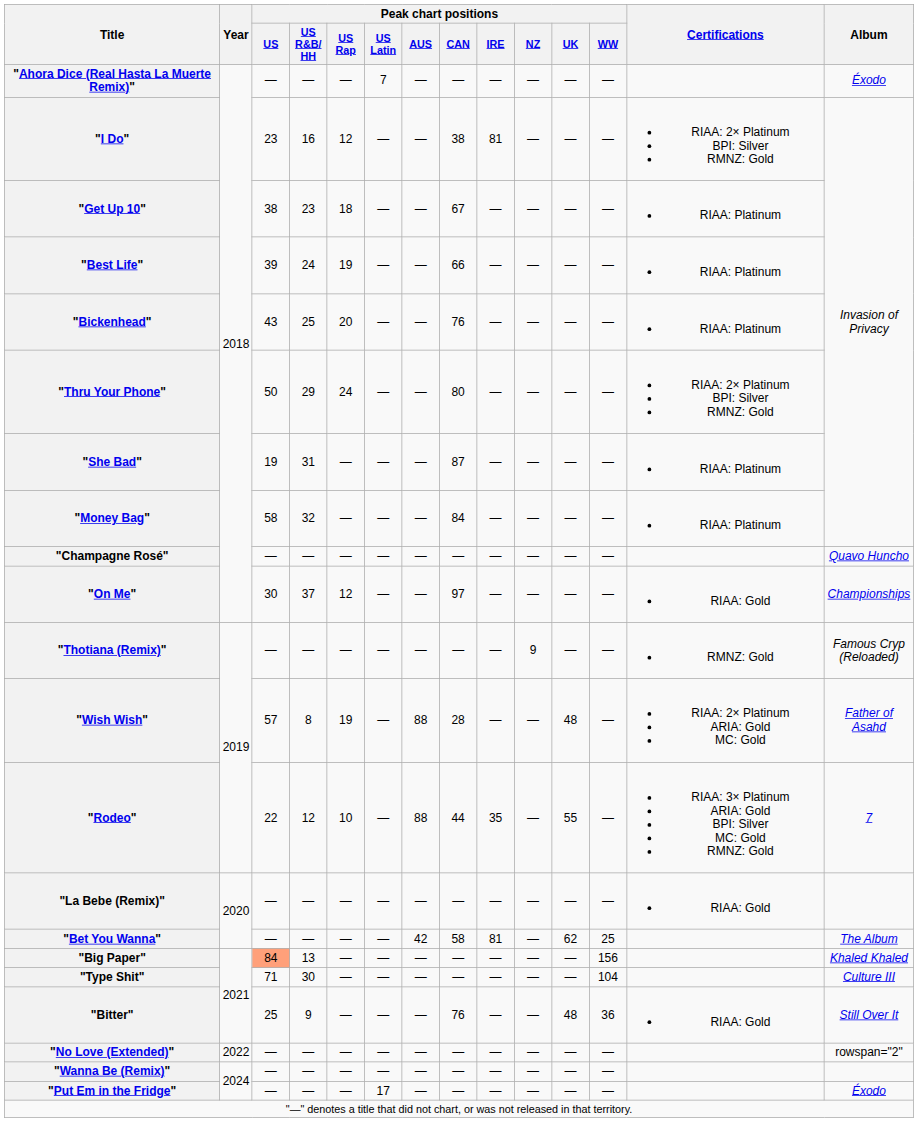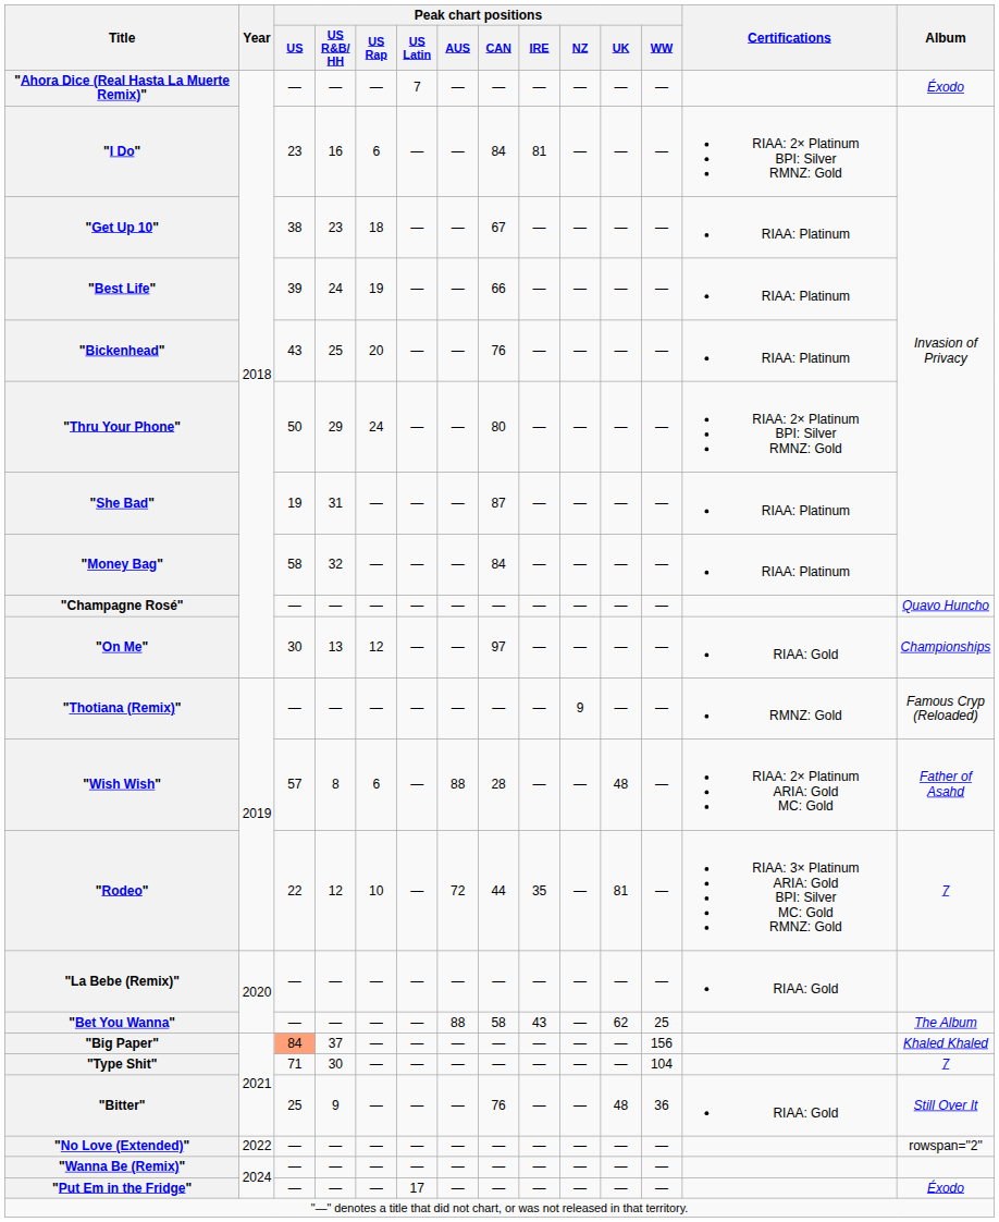 <table class="wikitable plainrowheaders" style="text-align:center;">
 <tr>
 <th scope="col" rowspan="2" style="width:17.5em;">Title</th>
 <th scope="col" rowspan="2" style="width:1em;">Year</th>
 <th scope="col" colspan="10">Peak chart positions</th>
 <th scope="col" rowspan="2" style="width:16em;"><a href='#'>Certifications</a></th>
 <th scope="col" rowspan="2" style="width:7em;">Album</th>
 </tr>
 <tr>
 <th scope="col" style="width:3em;font-size:90%;"><a href='#'>US</a><br></th>
 <th scope="col" style="width:3em;font-size:90%;"><a href='#'>US<br>R&B/<br>HH</a><br></th>
 <th scope="col" style="width:3em;font-size:90%;"><a href='#'>US<br>Rap</a><br></th>
 <th scope="col" style="width:3em;font-size:90%;"><a href='#'>US<br>Latin</a><br></th>
 <th scope="col" style="width:3em;font-size:90%;"><a href='#'>AUS</a><br></th>
 <th scope="col" style="width:3em;font-size:90%;"><a href='#'>CAN</a><br></th>
 <th scope="col" style="width:3em;font-size:90%;"><a href='#'>IRE</a><br></th>
 <th scope="col" style="width:3em;font-size:90%;"><a href='#'>NZ</a><br></th>
 <th scope="col" style="width:3em;font-size:90%;"><a href='#'>UK</a><br></th>
 <th scope="col" style="width:3em;font-size:90%;"><a href='#'>WW</a><br></th>
 </tr>
 <tr>
 <th scope="row">"<a href='#'>Ahora Dice (Real Hasta La Muerte Remix)</a>"<br></th>
 <td rowspan="10">2018</td>
 <td>—</td>
 <td>—</td>
 <td>—</td>
 <td>7</td>
 <td>—</td>
 <td>—</td>
 <td>—</td>
 <td>—</td>
 <td>—</td>
 <td>—</td>
 <td></td>
 <td><em><a href='#'>Éxodo</a></em></td>
 </tr>
 <tr>
 <th scope="row">"<a href='#'>I Do</a>"<br></th>
 <td>23</td>
 <td>16</td>
-<td>12</td>
+<td>6</td>
 <td>—</td>
 <td>—</td>
-<td>38</td>
+<td>84</td>
 <td>81</td>
 <td>—</td>
 <td>—</td>
 <td>—</td>
 <td><br><ul><li>RIAA: 2× Platinum</li><li>BPI: Silver</li><li>RMNZ: Gold</li></ul></td>
 <td rowspan="7"><em>Invasion of Privacy</em></td>
 </tr>
 <tr>
 <th scope="row">"<a href='#'>Get Up 10</a>"</th>
 <td>38</td>
 <td>23</td>
 <td>18</td>
 <td>—</td>
 <td>—</td>
 <td>67</td>
 <td>—</td>
 <td>—</td>
 <td>—</td>
 <td>—</td>
 <td><br><ul><li>RIAA: Platinum</li></ul></td>
 </tr>
 <tr>
 <th scope="row">"<a href='#'>Best Life</a>"<br></th>
 <td>39</td>
 <td>24</td>
 <td>19</td>
 <td>—</td>
 <td>—</td>
 <td>66</td>
 <td>—</td>
 <td>—</td>
 <td>—</td>
 <td>—</td>
 <td><br><ul><li>RIAA: Platinum</li></ul></td>
 </tr>
 <tr>
 <th scope="row">"<a href='#'>Bickenhead</a>"</th>
 <td>43</td>
 <td>25</td>
 <td>20</td>
 <td>—</td>
 <td>—</td>
 <td>76</td>
 <td>—</td>
 <td>—</td>
 <td>—</td>
 <td>—</td>
 <td><br><ul><li>RIAA: Platinum</li></ul></td>
 </tr>
 <tr>
 <th scope="row">"<a href='#'>Thru Your Phone</a>"</th>
 <td>50</td>
 <td>29</td>
 <td>24</td>
 <td>—</td>
 <td>—</td>
 <td>80</td>
 <td>—</td>
 <td>—</td>
 <td>—</td>
 <td>—</td>
 <td><br><ul><li>RIAA: 2× Platinum</li><li>BPI: Silver</li><li>RMNZ: Gold</li></ul></td>
 </tr>
 <tr>
 <th scope="row">"<a href='#'>She Bad</a>"<br></th>
 <td>19</td>
 <td>31</td>
 <td>—</td>
 <td>—</td>
 <td>—</td>
 <td>87</td>
 <td>—</td>
 <td>—</td>
 <td>—</td>
 <td>—</td>
 <td><br><ul><li>RIAA: Platinum</li></ul></td>
 </tr>
 <tr>
 <th scope="row">"<a href='#'>Money Bag</a>"</th>
 <td>58</td>
 <td>32</td>
 <td>—</td>
 <td>—</td>
 <td>—</td>
 <td>84</td>
 <td>—</td>
 <td>—</td>
 <td>—</td>
 <td>—</td>
 <td><br><ul><li>RIAA: Platinum</li></ul></td>
 </tr>
 <tr>
 <th scope=row>"Champagne Rosé"<br></th>
 <td>—</td>
 <td>—</td>
 <td>—</td>
 <td>—</td>
 <td>—</td>
 <td>—</td>
 <td>—</td>
 <td>—</td>
 <td>—</td>
 <td>—</td>
 <td></td>
 <td><em><a href='#'>Quavo Huncho</a></em></td>
 </tr>
 <tr>
 <th scope="row">"<a href='#'>On Me</a>"<br></th>
 <td>30</td>
-<td>37</td>
+<td>13</td>
 <td>12</td>
 <td>—</td>
 <td>—</td>
 <td>97</td>
 <td>—</td>
 <td>—</td>
 <td>—</td>
 <td>—</td>
 <td><br><ul><li>RIAA: Gold</li></ul></td>
 <td><em><a href='#'>Championships</a></em></td>
 </tr>
 <tr>
 <th scope="row">"<a href='#'>Thotiana (Remix)</a>"<br></th>
 <td rowspan="3">2019</td>
 <td>—</td>
 <td>—</td>
 <td>—</td>
 <td>—</td>
 <td>—</td>
 <td>—</td>
 <td>—</td>
 <td>9</td>
 <td>—</td>
 <td>—</td>
 <td><br><ul><li>RMNZ: Gold</li></ul></td>
 <td><em>Famous Cryp (Reloaded)</em></td>
 </tr>
 <tr>
 <th scope="row">"<a href='#'>Wish Wish</a>"<br></th>
 <td>57</td>
 <td>8</td>
-<td>19</td>
+<td>6</td>
 <td>—</td>
 <td>88</td>
 <td>28</td>
 <td>—</td>
 <td>—</td>
 <td>48</td>
 <td>—</td>
 <td><br><ul><li>RIAA: 2× Platinum</li><li>ARIA: Gold</li><li>MC: Gold</li></ul></td>
 <td><em><a href='#'>Father of Asahd</a></em></td>
 </tr>
 <tr>
 <th scope="row">"<a href='#'>Rodeo</a>"<br></th>
 <td>22</td>
 <td>12</td>
 <td>10</td>
 <td>—</td>
-<td>88</td>
+<td>72</td>
 <td>44</td>
 <td>35</td>
 <td>—</td>
-<td>55</td>
+<td>81</td>
 <td>—</td>
 <td><br><ul><li>RIAA: 3× Platinum</li><li>ARIA: Gold</li><li>BPI: Silver</li><li>MC: Gold</li><li>RMNZ: Gold</li></ul></td>
 <td><em><a href='#'>7</a></em></td>
 </tr>
 <tr>
 <th scope="row">"La Bebe (Remix)"<br></th>
 <td rowspan="2">2020</td>
 <td>—</td>
 <td>—</td>
 <td>—</td>
 <td>—</td>
 <td>—</td>
 <td>—</td>
 <td>—</td>
 <td>—</td>
 <td>—</td>
 <td>—</td>
 <td><br><ul><li>RIAA: Gold </li></ul></td>
 <td></td>
 </tr>
 <tr>
 <th scope="row">"<a href='#'>Bet You Wanna</a>"<br></th>
 <td>—</td>
 <td>—</td>
 <td>—</td>
 <td>—</td>
-<td>42</td>
+<td>88</td>
 <td>58</td>
-<td>81</td>
+<td>43</td>
 <td>—</td>
 <td>62</td>
 <td>25</td>
 <td></td>
 <td><em><a href='#'>The Album</a></em></td>
 </tr>
 <tr>
 <th scope="row">"Big Paper"<br></th>
 <td rowspan="3">2021</td>
 <td style="background: lightsalmon;">84</td>
-<td>13</td>
+<td>37</td>
 <td>—</td>
 <td>—</td>
 <td>—</td>
 <td>—</td>
 <td>—</td>
 <td>—</td>
 <td>—</td>
 <td>156</td>
 <td></td>
 <td><em><a href='#'>Khaled Khaled</a></em></td>
 </tr>
 <tr>
 <th scope="row">"Type Shit"<br></th>
 <td>71</td>
 <td>30</td>
 <td>—</td>
 <td>—</td>
 <td>—</td>
 <td>—</td>
 <td>—</td>
 <td>—</td>
 <td>—</td>
 <td>104</td>
 <td></td>
-<td><em><a href='#'>Culture III</a></em></td>
+<td><em><a href='#'>7</a></em></td>
 </tr>
 <tr>
 <th scope="row">"Bitter"<br></th>
 <td>25</td>
 <td>9</td>
 <td>—</td>
 <td>—</td>
 <td>—</td>
 <td>76</td>
 <td>—</td>
 <td>—</td>
 <td>48</td>
 <td>36</td>
 <td><br><ul><li>RIAA: Gold</li></ul></td>
 <td><em><a href='#'>Still Over It</a></em></td>
 </tr>
 <tr>
 <th scope="row">"<a href='#'>No Love (Extended)</a>"<br></th>
 <td>2022</td>
 <td>―</td>
 <td>―</td>
 <td>―</td>
 <td>―</td>
 <td>—</td>
 <td>―</td>
 <td>―</td>
 <td>―</td>
 <td>―</td>
 <td>―</td>
 <td></td>
 <td>rowspan="2" </td>
 </tr>
 <tr>
 <th scope="row">"<a href='#'>Wanna Be (Remix)</a>"<br></th>
 <td rowspan="2">2024</td>
 <td>―</td>
 <td>—</td>
 <td>―</td>
 <td>—</td>
 <td>―</td>
 <td>―</td>
 <td>―</td>
 <td>—</td>
 <td>―</td>
 <td>―</td>
 <td></td>
 </tr>
 <tr>
 <th scope="row">"<a href='#'>Put Em in the Fridge</a>"<br></th>
 <td>—</td>
 <td>—</td>
 <td>—</td>
 <td>17</td>
 <td>—</td>
 <td>—</td>
 <td>—</td>
 <td>—</td>
 <td>—</td>
 <td>—</td>
 <td></td>
 <td><em><a href='#'>Éxodo</a></em></td>
 </tr>
 <tr>
 <td colspan="15" style="font-size:90%">"—" denotes a title that did not chart, or was not released in that territory.</td>
 </tr>
 </table>
